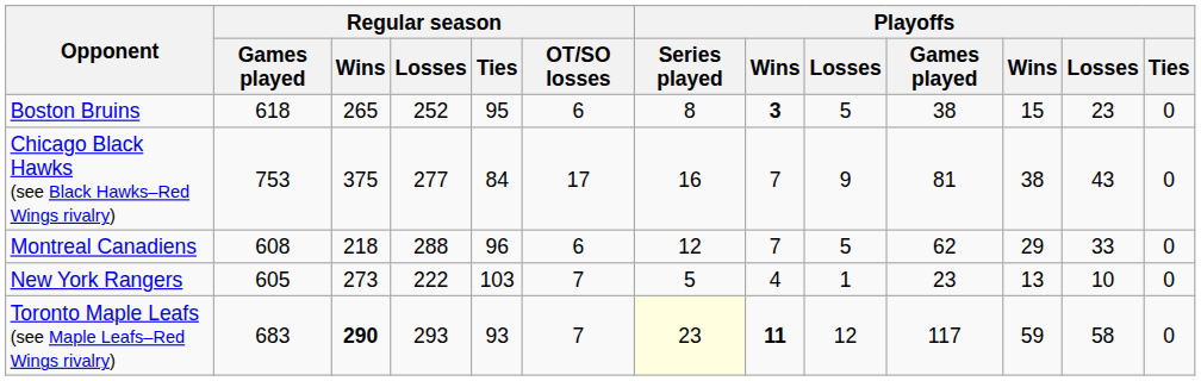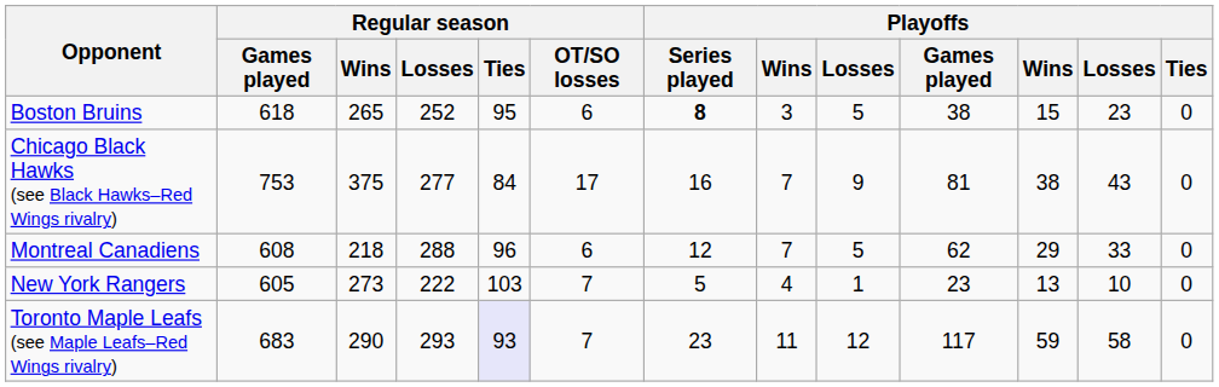 <table class="wikitable unsortable" style="text-align:center; font-size:95%;">
 <tr>
 <th rowspan="2">Opponent</th>
 <th colspan="5">Regular season</th>
 <th colspan="8">Playoffs</th>
 </tr>
 <tr>
 <th>Games played</th>
 <th>Wins</th>
 <th>Losses</th>
 <th>Ties</th>
 <th>OT/SO losses</th>
 <th>Series played</th>
 <th>Wins</th>
 <th>Losses</th>
 <th>Games played</th>
 <th>Wins</th>
 <th>Losses</th>
 <th>Ties</th>
 </tr>
 <tr>
 <td style="text-align:left;"><a href='#'>Boston Bruins</a></td>
 <td>618</td>
 <td>265</td>
 <td>252</td>
 <td>95</td>
 <td>6</td>
-<td>8</td>
-<td><strong>3</strong></td>
+<td><strong>8</strong></td>
+<td>3</td>
 <td>5</td>
 <td>38</td>
 <td>15</td>
 <td>23</td>
 <td>0</td>
 </tr>
 <tr>
 <td style="text-align:left;"><a href='#'>Chicago Black Hawks</a><br><small>(see <a href='#'>Black Hawks–Red Wings rivalry</a>)</small></td>
 <td>753</td>
 <td>375</td>
 <td>277</td>
 <td>84</td>
 <td>17</td>
 <td>16</td>
 <td>7</td>
 <td>9</td>
 <td>81</td>
 <td>38</td>
 <td>43</td>
 <td>0</td>
 </tr>
 <tr>
 <td style="text-align:left;"><a href='#'>Montreal Canadiens</a></td>
 <td>608</td>
 <td>218</td>
 <td>288</td>
 <td>96</td>
 <td>6</td>
 <td>12</td>
 <td>7</td>
 <td>5</td>
 <td>62</td>
 <td>29</td>
 <td>33</td>
 <td>0</td>
 </tr>
 <tr>
 <td style="text-align:left;"><a href='#'>New York Rangers</a></td>
 <td>605</td>
 <td>273</td>
 <td>222</td>
 <td>103</td>
 <td>7</td>
 <td>5</td>
 <td>4</td>
 <td>1</td>
 <td>23</td>
 <td>13</td>
 <td>10</td>
 <td>0</td>
 </tr>
 <tr>
 <td style="text-align:left;"><a href='#'>Toronto Maple Leafs</a><br><small>(see <a href='#'>Maple Leafs–Red Wings rivalry</a>)</small></td>
 <td>683</td>
-<td><strong>290</strong></td>
+<td>290</td>
 <td>293</td>
-<td>93</td>
+<td style="background: lavender;">93</td>
 <td>7</td>
-<td style="background: lightyellow;">23</td>
-<td><strong>11</strong></td>
+<td>23</td>
+<td>11</td>
 <td>12</td>
 <td>117</td>
 <td>59</td>
 <td>58</td>
 <td>0</td>
 </tr>
 </table>
